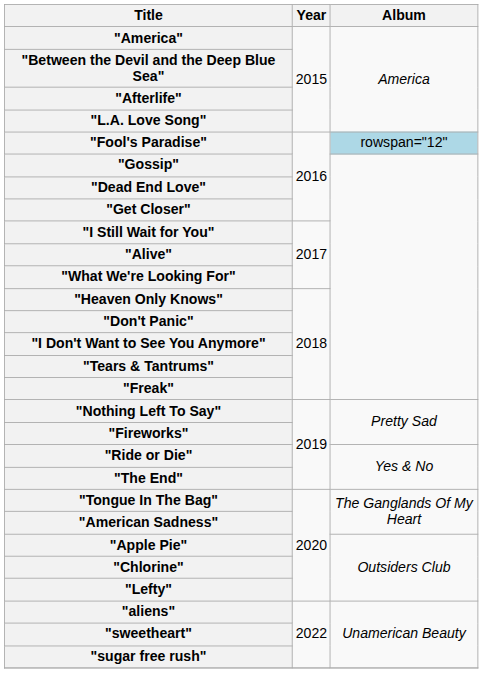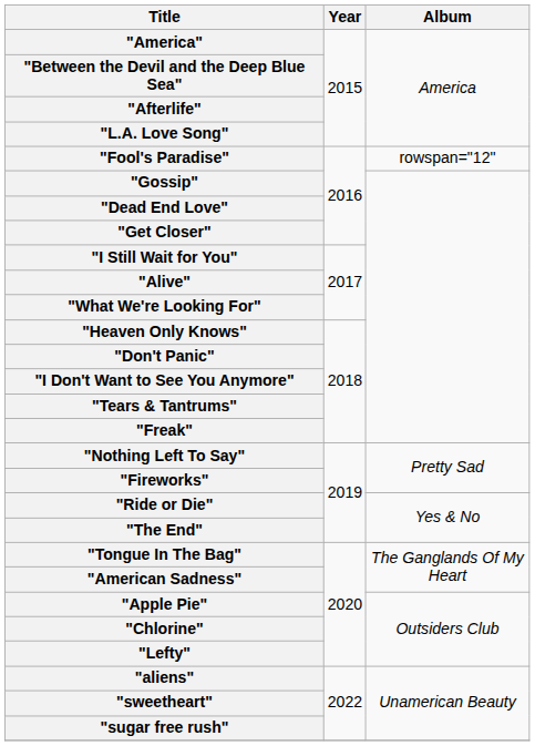 <table class="wikitable plainrowheaders" style="text-align:center;">
 <tr>
 <th scope="col" style="width:20em;">Title</th>
 <th scope="col" style="width:1em;">Year</th>
 <th scope="col" style="width:10em;">Album</th>
 </tr>
 <tr>
 <th scope="row">"America"</th>
 <td rowspan="4">2015</td>
 <td rowspan="4"><em>America</em></td>
 </tr>
 <tr>
 <th scope="row">"Between the Devil and the Deep Blue Sea"</th>
 </tr>
 <tr>
 <th scope="row">"Afterlife"</th>
 </tr>
 <tr>
 <th scope="row">"L.A. Love Song"</th>
 </tr>
 <tr>
 <th scope="row">"Fool's Paradise"</th>
 <td rowspan="4">2016</td>
-<td style="background: lightblue;">rowspan="12" </td>
+<td>rowspan="12" </td>
 </tr>
 <tr>
 <th scope="row">"Gossip"</th>
 </tr>
 <tr>
 <th scope="row">"Dead End Love"</th>
 </tr>
 <tr>
 <th scope="row">"Get Closer"</th>
 </tr>
 <tr>
 <th scope="row">"I Still Wait for You"</th>
 <td rowspan="3">2017</td>
 </tr>
 <tr>
 <th scope="row">"Alive"</th>
 </tr>
 <tr>
 <th scope="row">"What We're Looking For"</th>
 </tr>
 <tr>
 <th scope="row">"Heaven Only Knows"</th>
 <td rowspan="5">2018</td>
 </tr>
 <tr>
 <th scope="row">"Don't Panic"</th>
 </tr>
 <tr>
 <th scope="row">"I Don't Want to See You Anymore"</th>
 </tr>
 <tr>
 <th scope="row">"Tears & Tantrums"</th>
 </tr>
 <tr>
 <th scope="row">"Freak"</th>
 </tr>
 <tr>
 <th scope="row">"Nothing Left To Say"</th>
 <td rowspan="4">2019</td>
 <td rowspan="2"><em>Pretty Sad</em></td>
 </tr>
 <tr>
 <th scope="row">"Fireworks"</th>
 </tr>
 <tr>
 <th scope="row">"Ride or Die"</th>
 <td rowspan="2"><em>Yes & No</em></td>
 </tr>
 <tr>
 <th scope="row">"The End"</th>
 </tr>
 <tr>
 <th scope="row">"Tongue In The Bag"</th>
 <td rowspan="5">2020</td>
 <td rowspan="2"><em>The Ganglands Of My Heart</em></td>
 </tr>
 <tr>
 <th scope="row">"American Sadness"</th>
 </tr>
 <tr>
 <th scope="row">"Apple Pie"</th>
 <td rowspan="3"><em>Outsiders Club</em></td>
 </tr>
 <tr>
 <th scope="row">"Chlorine"</th>
 </tr>
 <tr>
 <th scope="row">"Lefty"</th>
 </tr>
 <tr>
 <th scope="row">"aliens"</th>
 <td rowspan="3">2022</td>
 <td rowspan="3"><em>Unamerican Beauty</em></td>
 </tr>
 <tr>
 <th scope="row">"sweetheart"</th>
 </tr>
 <tr>
 <th scope="row">"sugar free rush"</th>
 </tr>
 <tr>
 </tr>
 </table>
